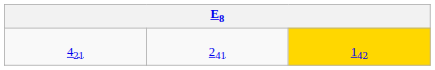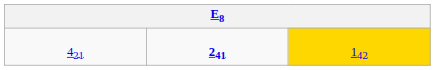 <table class=wikitable width=540>
 <tr>
 <th colspan=3><a href='#'>E<sub>8</sub></a></th>
 </tr>
 <tr align=center valign=top>
 <td><br><a href='#'>4<sub>21</sub></a></td>
-<td><br><a href='#'>2<sub>41</sub></a></td>
+<td><strong><br><a href='#'>2<sub>41</sub></a></strong></td>
 <td style="background: gold;"><br><a href='#'>1<sub>42</sub></a></td>
 </tr>
 </table>
